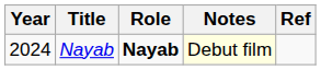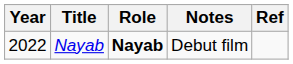 <table class="wikitable sortable plainrowheaders">
 <tr style="text-align:center;">
 <th scope="col">Year</th>
 <th scope="col">Title</th>
 <th scope="col">Role</th>
 <th scope="col">Notes</th>
 <th scope="col">Ref</th>
 </tr>
 <tr>
-<td>2024</td>
+<td>2022</td>
 <td><em><a href='#'>Nayab</a></em></td>
 <td><strong>Nayab</strong></td>
-<td style="background: lightyellow;">Debut film</td>
+<td>Debut film</td>
 <td></td>
 </tr>
 </table>
